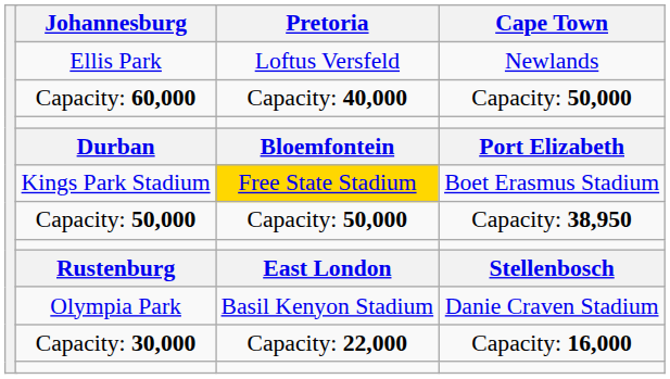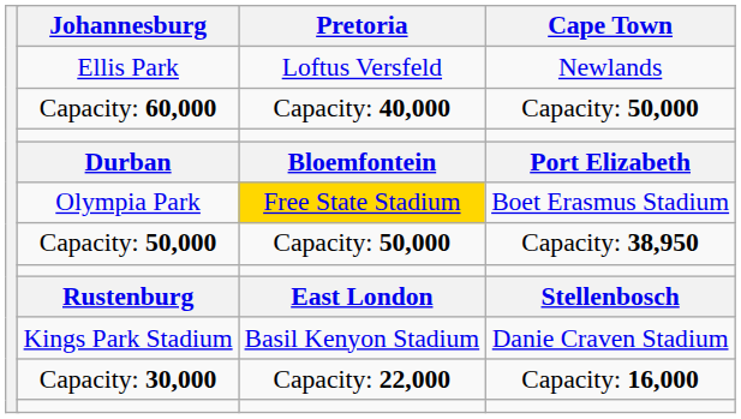 <table class="wikitable" style="text-align:center">
 <tr>
 <th rowspan=12 colspan=3><br></th>
 <th><a href='#'>Johannesburg</a></th>
 <th><a href='#'>Pretoria</a></th>
 <th><a href='#'>Cape Town</a></th>
 </tr>
 <tr>
 <td><a href='#'>Ellis Park</a></td>
 <td><a href='#'>Loftus Versfeld</a></td>
 <td><a href='#'>Newlands</a></td>
 </tr>
 <tr>
 <td>Capacity: <strong>60,000</strong></td>
 <td>Capacity: <strong>40,000</strong></td>
 <td>Capacity: <strong>50,000</strong></td>
 </tr>
 <tr>
 <td></td>
 <td></td>
 <td></td>
 </tr>
 <tr>
 <th><a href='#'>Durban</a></th>
 <th><a href='#'>Bloemfontein</a></th>
 <th><a href='#'>Port Elizabeth</a></th>
 </tr>
 <tr>
-<td><a href='#'>Kings Park Stadium</a></td>
+<td><a href='#'>Olympia Park</a></td>
 <td style="background: gold;"><a href='#'>Free State Stadium</a></td>
 <td><a href='#'>Boet Erasmus Stadium</a></td>
 </tr>
 <tr>
 <td>Capacity: <strong>50,000</strong></td>
 <td>Capacity: <strong>50,000</strong></td>
 <td>Capacity: <strong>38,950</strong></td>
 </tr>
 <tr>
 <td></td>
 <td></td>
 <td></td>
 </tr>
 <tr>
 <th><a href='#'>Rustenburg</a></th>
 <th><a href='#'>East London</a></th>
 <th><a href='#'>Stellenbosch</a></th>
 </tr>
 <tr>
-<td><a href='#'>Olympia Park</a></td>
+<td><a href='#'>Kings Park Stadium</a></td>
 <td><a href='#'>Basil Kenyon Stadium</a></td>
 <td><a href='#'>Danie Craven Stadium</a></td>
 </tr>
 <tr>
 <td>Capacity: <strong>30,000</strong></td>
 <td>Capacity: <strong>22,000</strong></td>
 <td>Capacity: <strong>16,000</strong></td>
 </tr>
 <tr>
 <td rowspan=2></td>
 <td></td>
 <td></td>
 </tr>
 </table>
